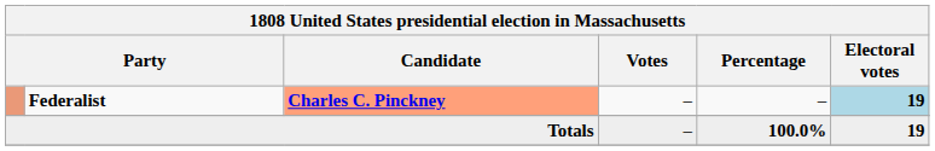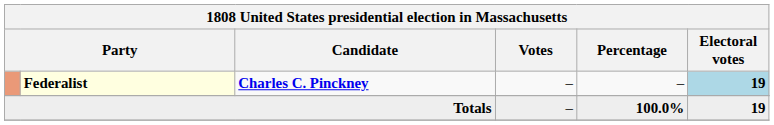 <table class="wikitable" style="font-size: 95%;">
 <tr>
 <th colspan="6">1808 United States presidential election in Massachusetts</th>
 </tr>
 <tr>
 <th colspan="2" style="width: 15em">Party</th>
 <th style="width: 17em">Candidate</th>
 <th style="width: 5em">Votes</th>
 <th style="width: 7em">Percentage</th>
 <th style="width: 5em">Electoral votes</th>
 </tr>
 <tr>
 <th style="background-color:#EA9978; width: 3px"></th>
-<td style="width: 130px"><strong>Federalist</strong></td>
-<td style="background: lightsalmon;"><strong><a href='#'>Charles C. Pinckney</a></strong></td>
+<td style="background: lightyellow; width: 130px"><strong>Federalist</strong></td>
+<td><strong><a href='#'>Charles C. Pinckney</a></strong></td>
 <td align="right">–</td>
 <td align="right">–</td>
 <td align="right" style="background: lightblue;"><strong>19</strong></td>
 </tr>
 <tr>
 </tr>
 <tr bgcolor="#EEEEEE">
 <td colspan="3" align="right"><strong>Totals</strong></td>
 <td align="right">–</td>
 <td align="right"><strong>100.0%</strong></td>
 <td align="right"><strong>19</strong></td>
 </tr>
 <tr>
 </tr>
 </table>
